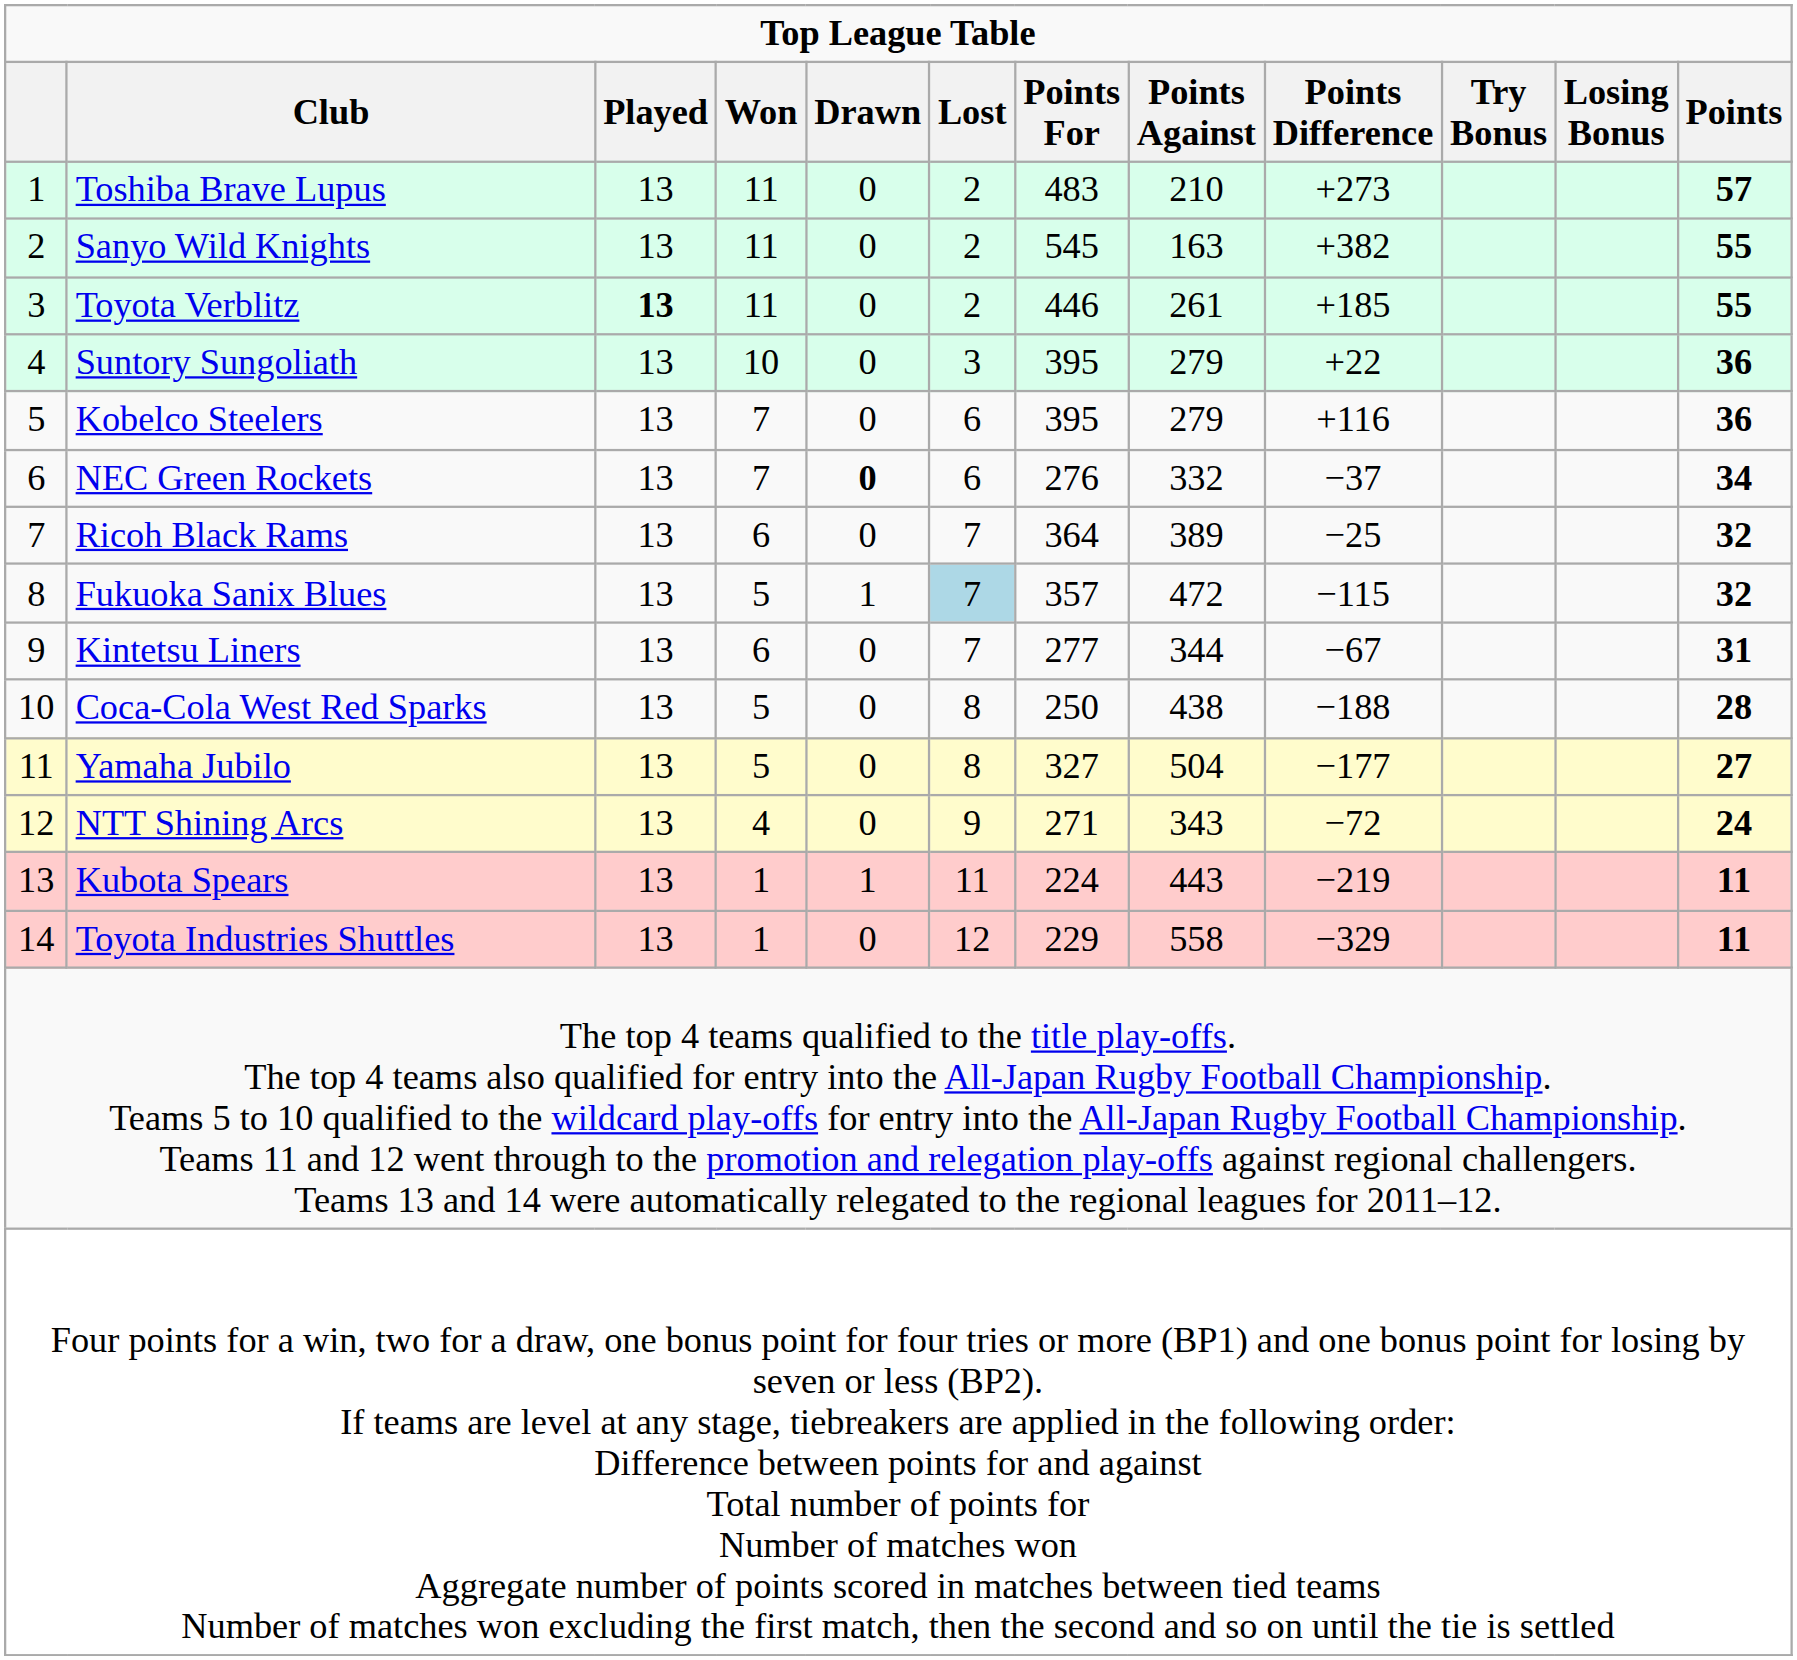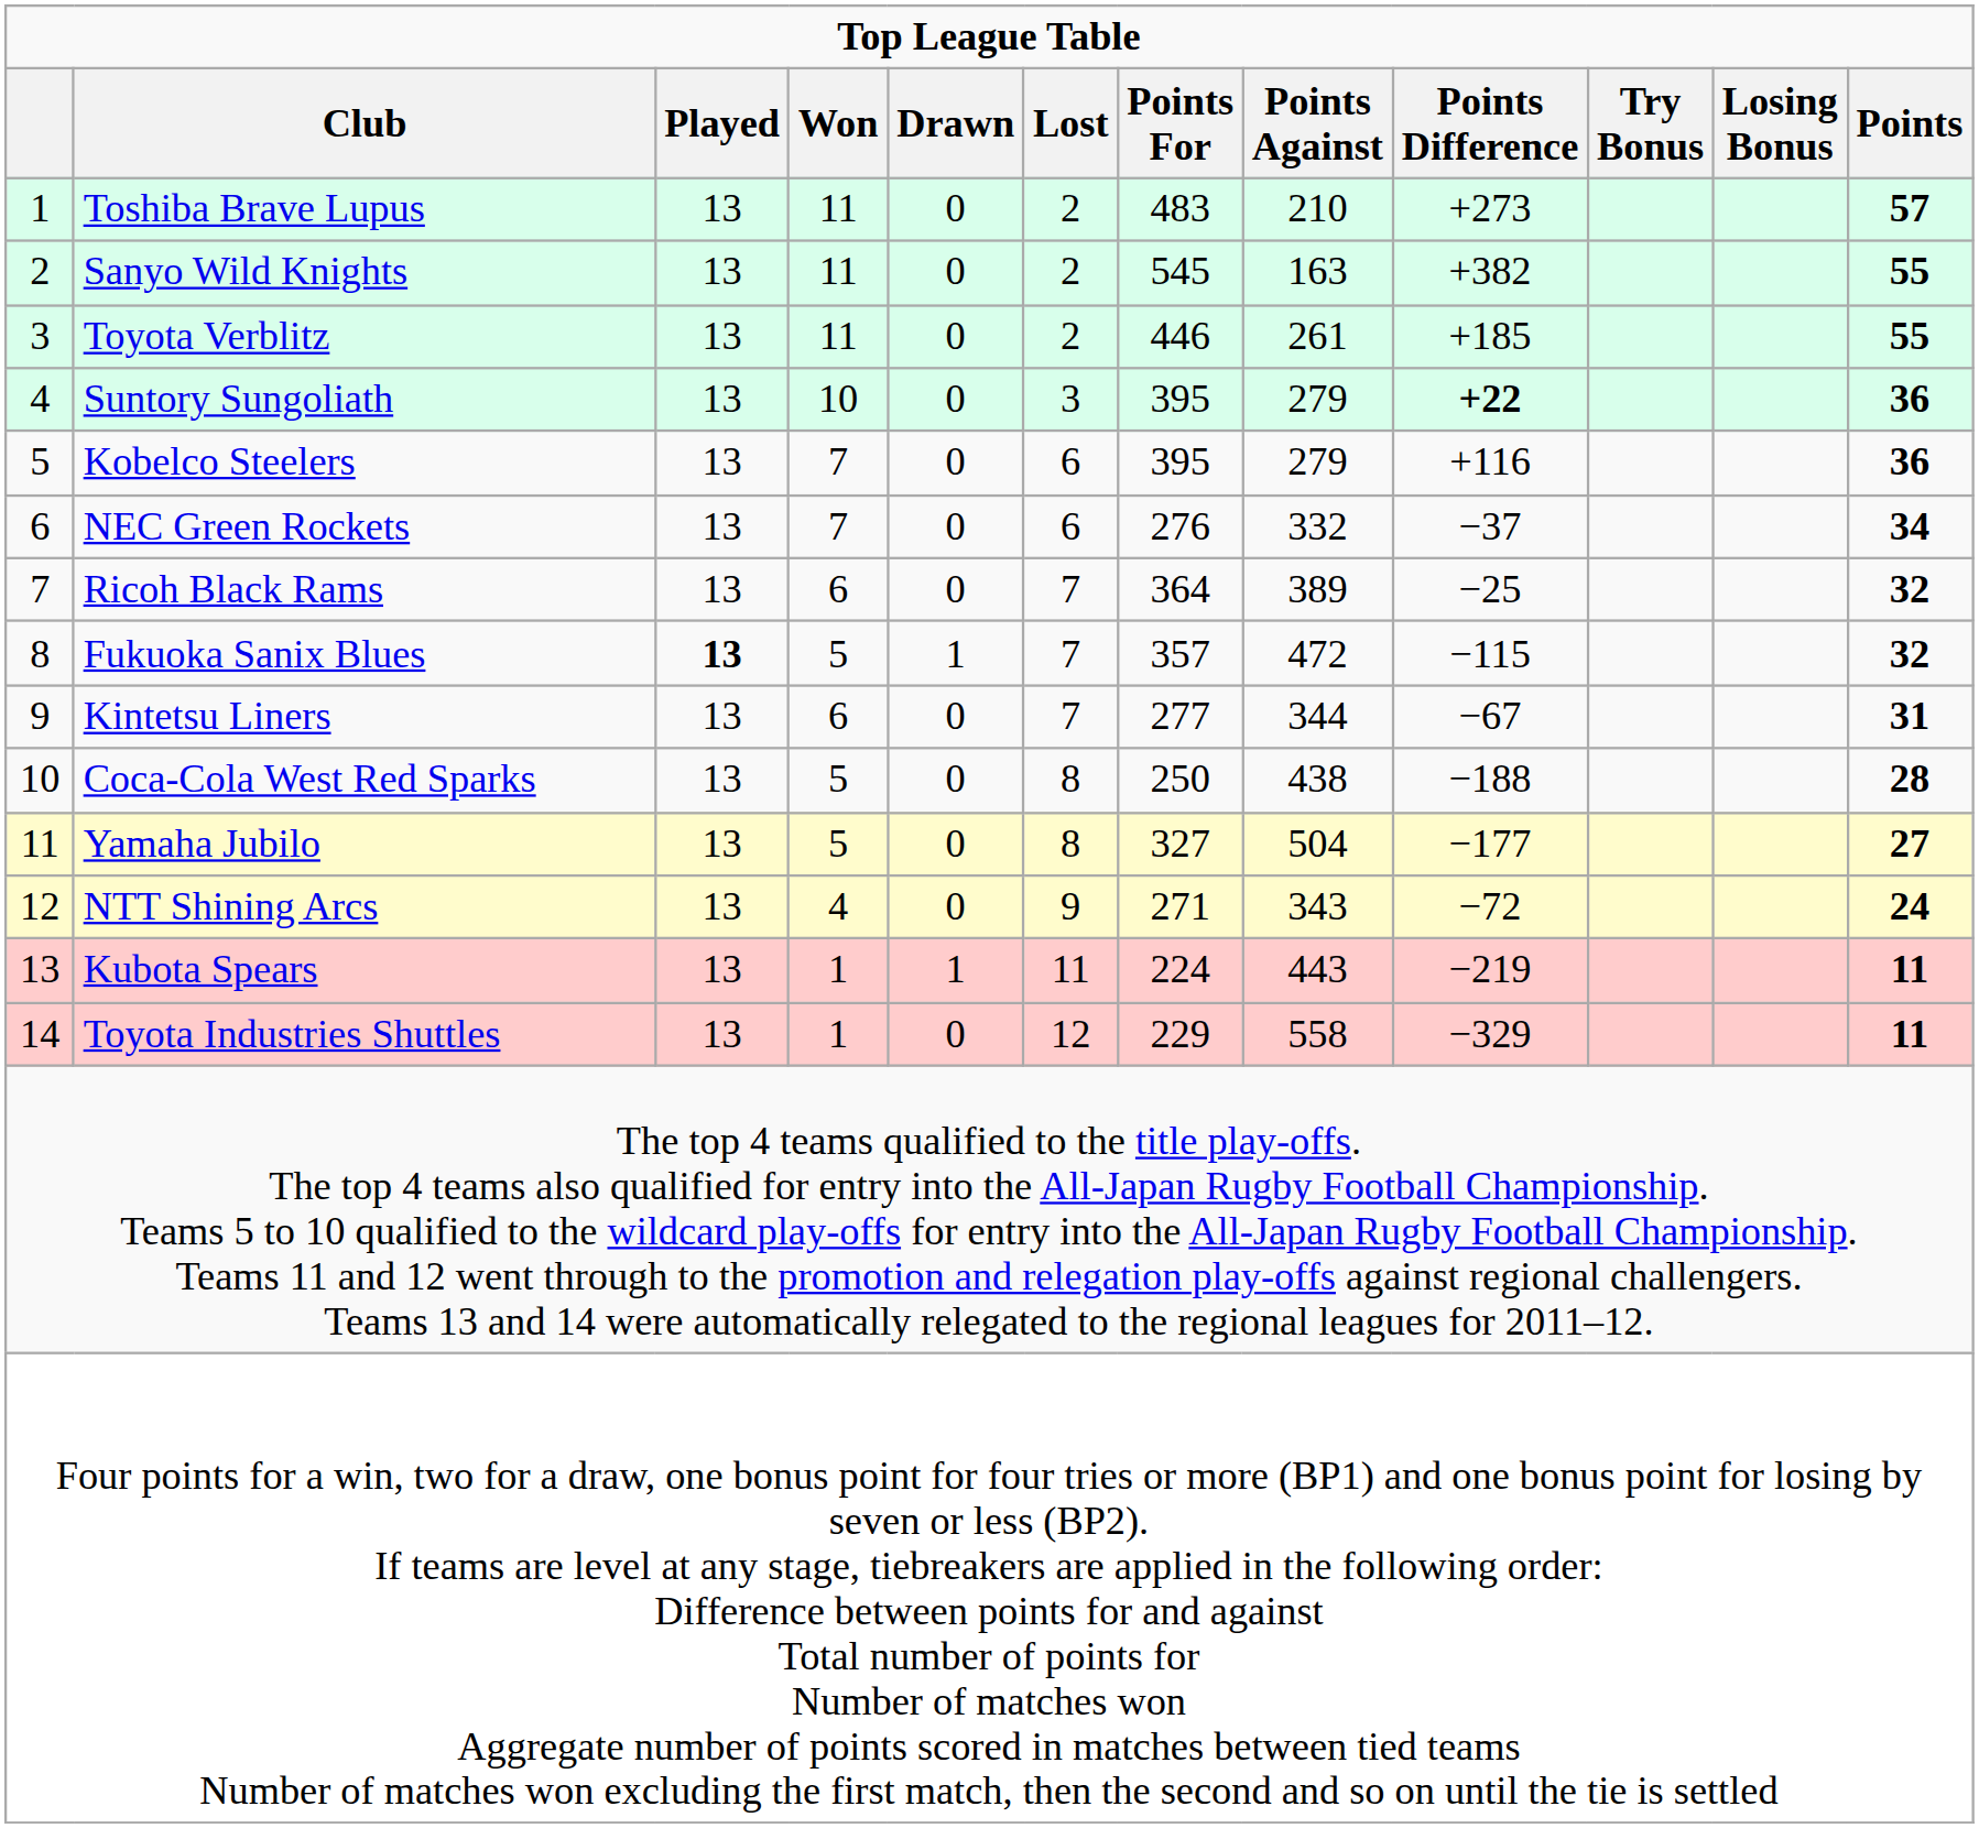 <table class="wikitable" style="text-align: center;">
 <tr>
 <td colspan="15" cellpadding="0" cellspacing="0"><strong>Top League Table</strong></td>
 </tr>
 <tr>
 <th bgcolor="#efefef" width="20"></th>
 <th bgcolor="#efefef" width="225">Club</th>
 <th bgcolor="#efefef" width="20">Played</th>
 <th bgcolor="#efefef" width="20">Won</th>
 <th bgcolor="#efefef" width="20">Drawn</th>
 <th bgcolor="#efefef" width="20">Lost</th>
 <th bgcolor="#efefef" width="20">Points For</th>
 <th bgcolor="#efefef" width="20">Points Against</th>
 <th bgcolor="#efefef" width="20">Points Difference</th>
 <th bgcolor="#efefef" width="20">Try Bonus</th>
 <th bgcolor="#efefef" width="20">Losing Bonus</th>
 <th bgcolor="#efefef" width="20">Points<br></th>
 </tr>
 <tr bgcolor=#d8ffeb>
 <td>1</td>
 <td style="text-align:left;"> <a href='#'>Toshiba Brave Lupus</a></td>
 <td>13</td>
 <td>11</td>
 <td>0</td>
 <td>2</td>
 <td>483</td>
 <td>210</td>
 <td>+273</td>
 <td></td>
 <td></td>
 <td><strong>57</strong></td>
 </tr>
 <tr bgcolor=#d8ffeb>
 <td>2</td>
 <td style="text-align:left;"> <a href='#'>Sanyo Wild Knights</a></td>
 <td>13</td>
 <td>11</td>
 <td>0</td>
 <td>2</td>
 <td>545</td>
 <td>163</td>
 <td>+382</td>
 <td></td>
 <td></td>
 <td><strong>55</strong></td>
 </tr>
 <tr bgcolor=#d8ffeb>
 <td>3</td>
 <td style="text-align:left;"> <a href='#'>Toyota Verblitz</a></td>
-<td><strong>13</strong></td>
+<td>13</td>
 <td>11</td>
 <td>0</td>
 <td>2</td>
 <td>446</td>
 <td>261</td>
 <td>+185</td>
 <td></td>
 <td></td>
 <td><strong>55</strong></td>
 </tr>
 <tr bgcolor=#d8ffeb>
 <td>4</td>
 <td style="text-align:left;"> <a href='#'>Suntory Sungoliath</a></td>
 <td>13</td>
 <td>10</td>
 <td>0</td>
 <td>3</td>
 <td>395</td>
 <td>279</td>
-<td>+22</td>
+<td><strong>+22</strong></td>
 <td></td>
 <td></td>
 <td><strong>36</strong></td>
 </tr>
 <tr>
 <td>5</td>
 <td style="text-align:left;"> <a href='#'>Kobelco Steelers</a></td>
 <td>13</td>
 <td>7</td>
 <td>0</td>
 <td>6</td>
 <td>395</td>
 <td>279</td>
 <td>+116</td>
 <td></td>
 <td></td>
 <td><strong>36</strong></td>
 </tr>
 <tr>
 <td>6</td>
 <td style="text-align:left;"> <a href='#'>NEC Green Rockets</a></td>
 <td>13</td>
 <td>7</td>
-<td><strong>0</strong></td>
+<td>0</td>
 <td>6</td>
 <td>276</td>
 <td>332</td>
 <td>−37</td>
 <td></td>
 <td></td>
 <td><strong>34</strong></td>
 </tr>
 <tr>
 <td>7</td>
 <td style="text-align:left;"> <a href='#'>Ricoh Black Rams</a></td>
 <td>13</td>
 <td>6</td>
 <td>0</td>
 <td>7</td>
 <td>364</td>
 <td>389</td>
 <td>−25</td>
 <td></td>
 <td></td>
 <td><strong>32</strong></td>
 </tr>
 <tr>
 <td>8</td>
 <td style="text-align:left;"> <a href='#'>Fukuoka Sanix Blues</a></td>
-<td>13</td>
+<td><strong>13</strong></td>
 <td>5</td>
 <td>1</td>
-<td style="background: lightblue;">7</td>
+<td>7</td>
 <td>357</td>
 <td>472</td>
 <td>−115</td>
 <td></td>
 <td></td>
 <td><strong>32</strong></td>
 </tr>
 <tr>
 <td>9</td>
 <td style="text-align:left;"> <a href='#'>Kintetsu Liners</a></td>
 <td>13</td>
 <td>6</td>
 <td>0</td>
 <td>7</td>
 <td>277</td>
 <td>344</td>
 <td>−67</td>
 <td></td>
 <td></td>
 <td><strong>31</strong></td>
 </tr>
 <tr>
 <td>10</td>
 <td style="text-align:left;"> <a href='#'>Coca-Cola West Red Sparks</a></td>
 <td>13</td>
 <td>5</td>
 <td>0</td>
 <td>8</td>
 <td>250</td>
 <td>438</td>
 <td>−188</td>
 <td></td>
 <td></td>
 <td><strong>28</strong></td>
 </tr>
 <tr bgcolor=#fffccc>
 <td>11</td>
 <td style="text-align:left;"> <a href='#'>Yamaha Jubilo</a></td>
 <td>13</td>
 <td>5</td>
 <td>0</td>
 <td>8</td>
 <td>327</td>
 <td>504</td>
 <td>−177</td>
 <td></td>
 <td></td>
 <td><strong>27</strong></td>
 </tr>
 <tr bgcolor=#fffccc>
 <td>12</td>
 <td style="text-align:left;"> <a href='#'>NTT Shining Arcs</a></td>
 <td>13</td>
 <td>4</td>
 <td>0</td>
 <td>9</td>
 <td>271</td>
 <td>343</td>
 <td>−72</td>
 <td></td>
 <td></td>
 <td><strong>24</strong></td>
 </tr>
 <tr bgcolor=#ffcccc>
 <td>13</td>
 <td style="text-align:left;"> <a href='#'>Kubota Spears</a></td>
 <td>13</td>
 <td>1</td>
 <td>1</td>
 <td>11</td>
 <td>224</td>
 <td>443</td>
 <td>−219</td>
 <td></td>
 <td></td>
 <td><strong>11</strong></td>
 </tr>
 <tr bgcolor=#ffcccc>
 <td>14</td>
 <td style="text-align:left;"> <a href='#'>Toyota Industries Shuttles</a></td>
 <td>13</td>
 <td>1</td>
 <td>0</td>
 <td>12</td>
 <td>229</td>
 <td>558</td>
 <td>−329</td>
 <td></td>
 <td></td>
 <td><strong>11</strong></td>
 </tr>
 <tr align=center>
 <td colspan="15" style="border:0px"><br> The top 4 teams qualified to the <a href='#'>title play-offs</a>.<br> The top 4 teams also qualified for entry into the <a href='#'>All-Japan Rugby Football Championship</a>.<br>  Teams 5 to 10 qualified to the <a href='#'>wildcard play-offs</a> for entry into the <a href='#'>All-Japan Rugby Football Championship</a>.<br>  Teams 11 and 12 went through to the <a href='#'>promotion and relegation play-offs</a> against regional challengers.<br>  Teams 13 and 14 were automatically relegated to the regional leagues for 2011–12.</td>
 </tr>
 <tr bgcolor=#ffffff align=center>
 <td colspan="15"><br><br>Four points for a win, two for a draw, one bonus point for four tries or more (BP1) and one bonus point for losing by seven or less (BP2).<br> If teams are level at any stage, tiebreakers are applied in the following order:<br>  Difference between points for and against<br>  Total number of points for<br>  Number of matches won<br>  Aggregate number of points scored in matches between tied teams<br>  Number of matches won excluding the first match, then the second and so on until the tie is settled<br></td>
 </tr>
 <tr |align=left|>
 </tr>
 </table>
